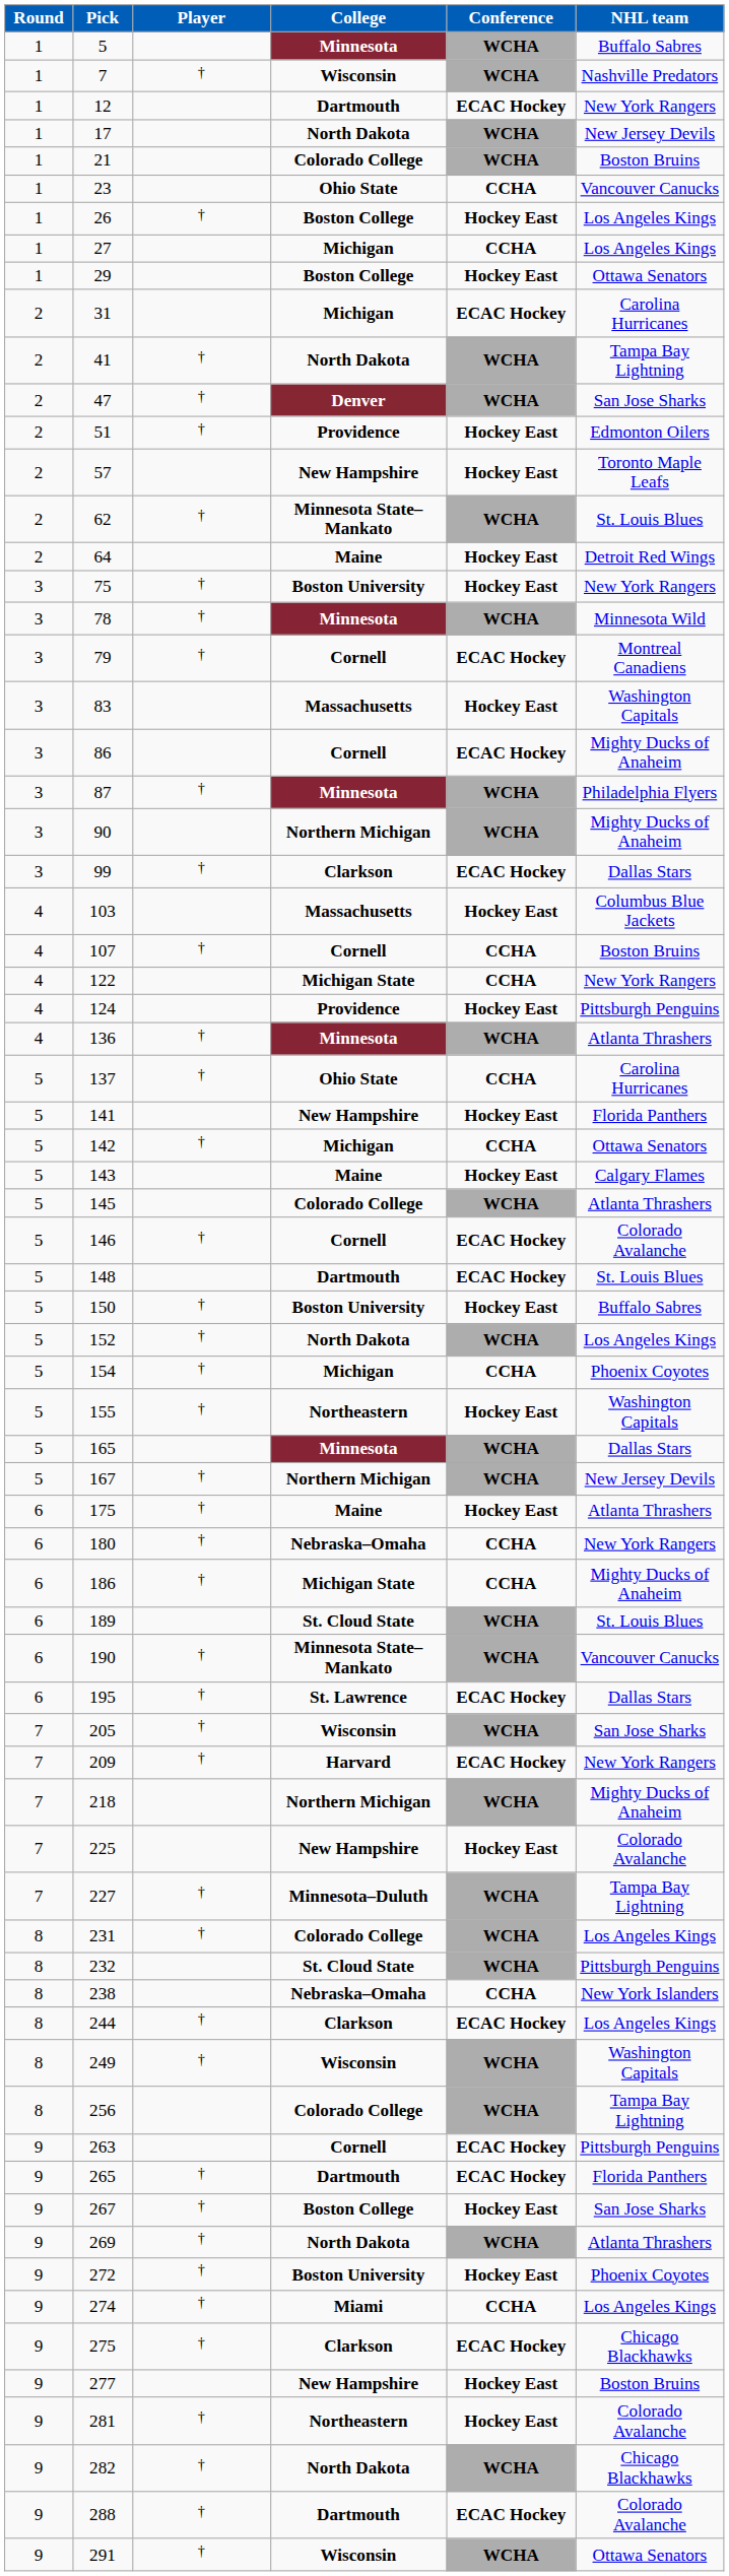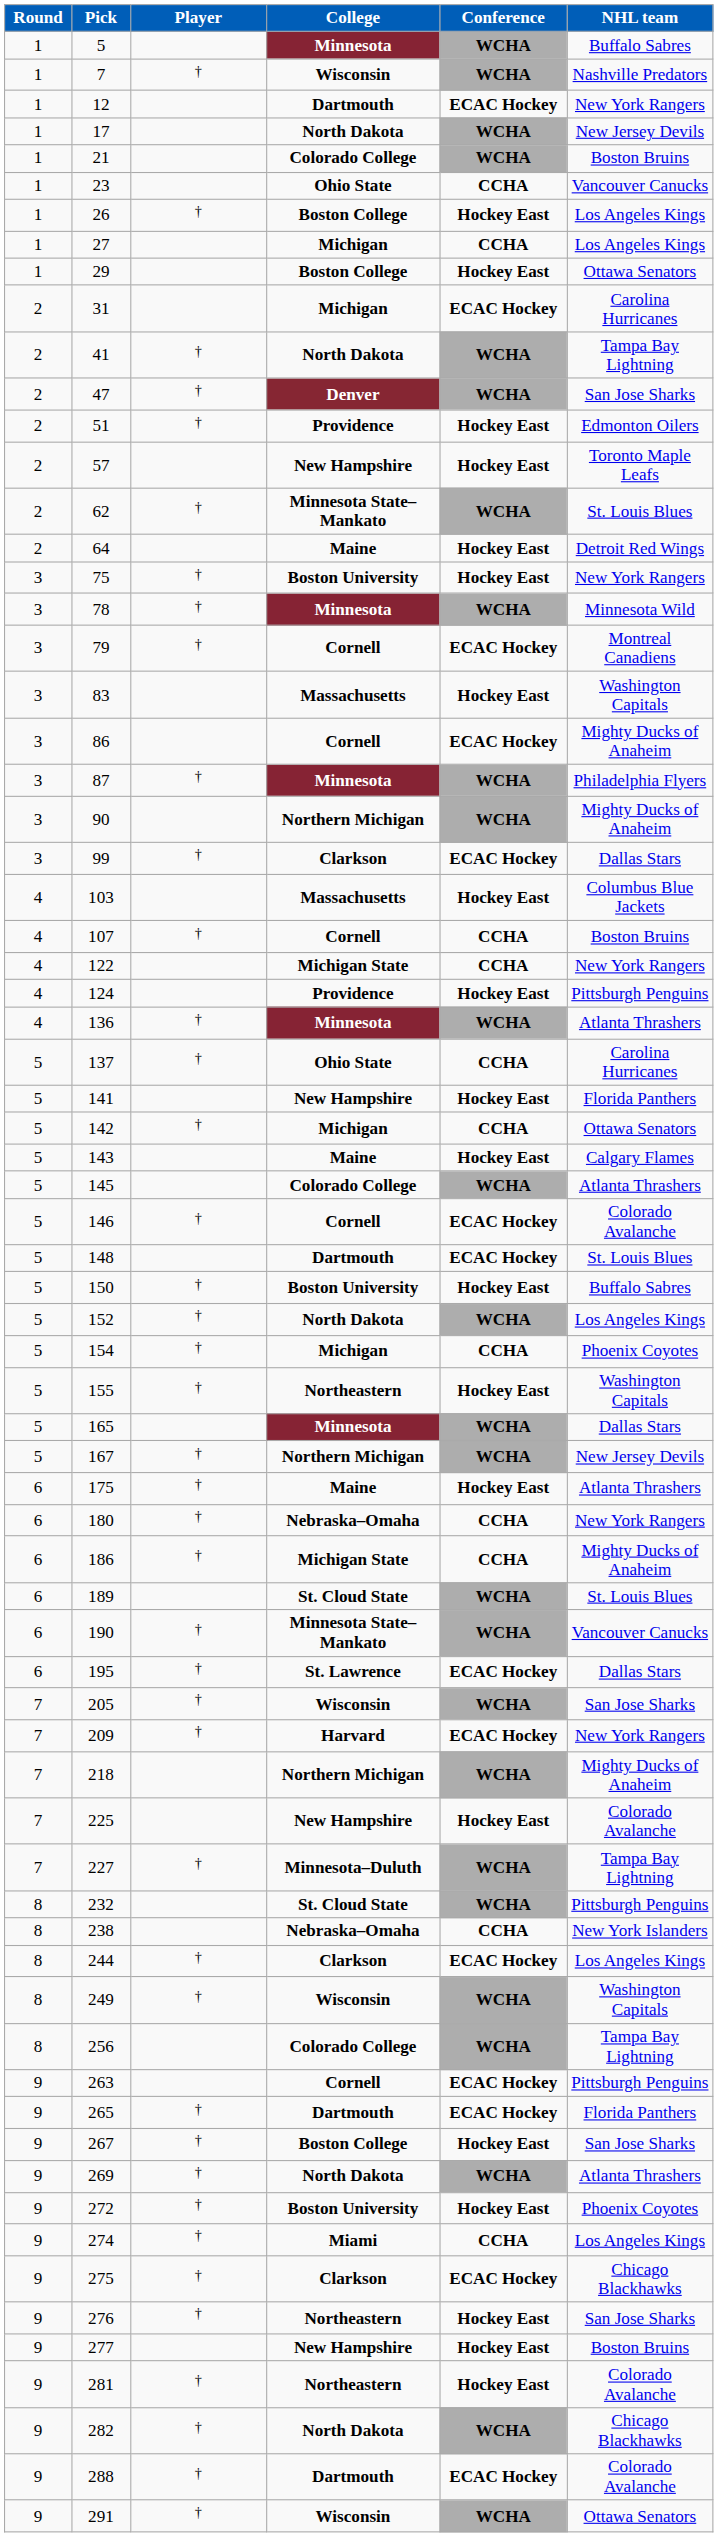 <table class="wikitable sortable" width="75%">
 <tr>
 <th style="color:white; background-color:#005EB8; width: 4em;">Round</th>
 <th style="color:white; background-color:#005EB8; width: 4em;">Pick</th>
 <th style="color:white; background-color:#005EB8; width: 12em;">Player</th>
 <th style="color:white; background-color:#005EB8; width: 13em;">College</th>
 <th style="color:white; background-color:#005EB8; width: 9em;">Conference</th>
 <th style="color:white; background-color:#005EB8; width: 11em;">NHL team</th>
 </tr>
 <tr align="center" bgcolor="">
 <td>1</td>
 <td>5</td>
 <td></td>
 <td style="color:white; background:#862334; "><strong>Minnesota</strong></td>
 <td style="color:black; background:#ADADAD; "><strong>WCHA</strong></td>
 <td><a href='#'>Buffalo Sabres</a></td>
 </tr>
 <tr align="center" bgcolor="">
 <td>1</td>
 <td>7</td>
 <td> <sup>†</sup></td>
 <td><strong>Wisconsin</strong></td>
 <td style="color:black; background:#ADADAD; "><strong>WCHA</strong></td>
 <td><a href='#'>Nashville Predators</a></td>
 </tr>
 <tr align="center" bgcolor="">
 <td>1</td>
 <td>12</td>
 <td></td>
 <td><strong>Dartmouth</strong></td>
 <td><strong>ECAC Hockey</strong></td>
 <td><a href='#'>New York Rangers</a></td>
 </tr>
 <tr align="center" bgcolor="">
 <td>1</td>
 <td>17</td>
 <td></td>
 <td><strong>North Dakota</strong></td>
 <td style="color:black; background:#ADADAD; "><strong>WCHA</strong></td>
 <td><a href='#'>New Jersey Devils</a></td>
 </tr>
 <tr align="center" bgcolor="">
 <td>1</td>
 <td>21</td>
 <td></td>
 <td><strong>Colorado College</strong></td>
 <td style="color:black; background:#ADADAD; "><strong>WCHA</strong></td>
 <td><a href='#'>Boston Bruins</a></td>
 </tr>
 <tr align="center" bgcolor="">
 <td>1</td>
 <td>23</td>
 <td></td>
 <td><strong>Ohio State</strong></td>
 <td><strong>CCHA</strong></td>
 <td><a href='#'>Vancouver Canucks</a></td>
 </tr>
 <tr align="center" bgcolor="">
 <td>1</td>
 <td>26</td>
 <td> <sup>†</sup></td>
 <td><strong>Boston College</strong></td>
 <td><strong>Hockey East</strong></td>
 <td><a href='#'>Los Angeles Kings</a></td>
 </tr>
 <tr align="center" bgcolor="">
 <td>1</td>
 <td>27</td>
 <td></td>
 <td><strong>Michigan</strong></td>
 <td><strong>CCHA</strong></td>
 <td><a href='#'>Los Angeles Kings</a></td>
 </tr>
 <tr align="center" bgcolor="">
 <td>1</td>
 <td>29</td>
 <td></td>
 <td><strong>Boston College</strong></td>
 <td><strong>Hockey East</strong></td>
 <td><a href='#'>Ottawa Senators</a></td>
 </tr>
 <tr align="center" bgcolor="">
 <td>2</td>
 <td>31</td>
 <td></td>
 <td><strong>Michigan</strong></td>
 <td><strong>ECAC Hockey</strong></td>
 <td><a href='#'>Carolina Hurricanes</a></td>
 </tr>
 <tr align="center" bgcolor="">
 <td>2</td>
 <td>41</td>
 <td> <sup>†</sup></td>
 <td><strong>North Dakota</strong></td>
 <td style="color:black; background:#ADADAD; "><strong>WCHA</strong></td>
 <td><a href='#'>Tampa Bay Lightning</a></td>
 </tr>
 <tr align="center" bgcolor="">
 <td>2</td>
 <td>47</td>
 <td> <sup>†</sup></td>
 <td style="color:white; background:#862633; "><strong>Denver</strong></td>
 <td style="color:black; background:#ADADAD; "><strong>WCHA</strong></td>
 <td><a href='#'>San Jose Sharks</a></td>
 </tr>
 <tr align="center" bgcolor="">
 <td>2</td>
 <td>51</td>
 <td> <sup>†</sup></td>
 <td><strong>Providence</strong></td>
 <td><strong>Hockey East</strong></td>
 <td><a href='#'>Edmonton Oilers</a></td>
 </tr>
 <tr align="center" bgcolor="">
 <td>2</td>
 <td>57</td>
 <td></td>
 <td><strong>New Hampshire</strong></td>
 <td><strong>Hockey East</strong></td>
 <td><a href='#'>Toronto Maple Leafs</a></td>
 </tr>
 <tr align="center" bgcolor="">
 <td>2</td>
 <td>62</td>
 <td> <sup>†</sup></td>
 <td><strong>Minnesota State–Mankato</strong></td>
 <td style="color:black; background:#ADADAD; "><strong>WCHA</strong></td>
 <td><a href='#'>St. Louis Blues</a></td>
 </tr>
 <tr align="center" bgcolor="">
 <td>2</td>
 <td>64</td>
 <td></td>
 <td><strong>Maine</strong></td>
 <td><strong>Hockey East</strong></td>
 <td><a href='#'>Detroit Red Wings</a></td>
 </tr>
 <tr align="center" bgcolor="">
 <td>3</td>
 <td>75</td>
 <td> <sup>†</sup></td>
 <td><strong>Boston University</strong></td>
 <td><strong>Hockey East</strong></td>
 <td><a href='#'>New York Rangers</a></td>
 </tr>
 <tr align="center" bgcolor="">
 <td>3</td>
 <td>78</td>
 <td> <sup>†</sup></td>
 <td style="color:white; background:#862334; "><strong>Minnesota</strong></td>
 <td style="color:black; background:#ADADAD; "><strong>WCHA</strong></td>
 <td><a href='#'>Minnesota Wild</a></td>
 </tr>
 <tr align="center" bgcolor="">
 <td>3</td>
 <td>79</td>
 <td> <sup>†</sup></td>
 <td><strong>Cornell</strong></td>
 <td><strong>ECAC Hockey</strong></td>
 <td><a href='#'>Montreal Canadiens</a></td>
 </tr>
 <tr align="center" bgcolor="">
 <td>3</td>
 <td>83</td>
 <td></td>
 <td><strong>Massachusetts</strong></td>
 <td><strong>Hockey East</strong></td>
 <td><a href='#'>Washington Capitals</a></td>
 </tr>
 <tr align="center" bgcolor="">
 <td>3</td>
 <td>86</td>
 <td></td>
 <td><strong>Cornell</strong></td>
 <td><strong>ECAC Hockey</strong></td>
 <td><a href='#'>Mighty Ducks of Anaheim</a></td>
 </tr>
 <tr align="center" bgcolor="">
 <td>3</td>
 <td>87</td>
 <td> <sup>†</sup></td>
 <td style="color:white; background:#862334; "><strong>Minnesota</strong></td>
 <td style="color:black; background:#ADADAD; "><strong>WCHA</strong></td>
 <td><a href='#'>Philadelphia Flyers</a></td>
 </tr>
 <tr align="center" bgcolor="">
 <td>3</td>
 <td>90</td>
 <td></td>
 <td><strong>Northern Michigan</strong></td>
 <td style="color:black; background:#ADADAD; "><strong>WCHA</strong></td>
 <td><a href='#'>Mighty Ducks of Anaheim</a></td>
 </tr>
 <tr align="center" bgcolor="">
 <td>3</td>
 <td>99</td>
 <td> <sup>†</sup></td>
 <td><strong>Clarkson</strong></td>
 <td><strong>ECAC Hockey</strong></td>
 <td><a href='#'>Dallas Stars</a></td>
 </tr>
 <tr align="center" bgcolor="">
 <td>4</td>
 <td>103</td>
 <td></td>
 <td><strong>Massachusetts</strong></td>
 <td><strong>Hockey East</strong></td>
 <td><a href='#'>Columbus Blue Jackets</a></td>
 </tr>
 <tr align="center" bgcolor="">
 <td>4</td>
 <td>107</td>
 <td> <sup>†</sup></td>
 <td><strong>Cornell</strong></td>
 <td><strong>CCHA</strong></td>
 <td><a href='#'>Boston Bruins</a></td>
 </tr>
 <tr align="center" bgcolor="">
 <td>4</td>
 <td>122</td>
 <td></td>
 <td><strong>Michigan State</strong></td>
 <td><strong>CCHA</strong></td>
 <td><a href='#'>New York Rangers</a></td>
 </tr>
 <tr align="center" bgcolor="">
 <td>4</td>
 <td>124</td>
 <td></td>
 <td><strong>Providence</strong></td>
 <td><strong>Hockey East</strong></td>
 <td><a href='#'>Pittsburgh Penguins</a></td>
 </tr>
 <tr align="center" bgcolor="">
 <td>4</td>
 <td>136</td>
 <td> <sup>†</sup></td>
 <td style="color:white; background:#862334; "><strong>Minnesota</strong></td>
 <td style="color:black; background:#ADADAD; "><strong>WCHA</strong></td>
 <td><a href='#'>Atlanta Thrashers</a></td>
 </tr>
 <tr align="center" bgcolor="">
 <td>5</td>
 <td>137</td>
 <td> <sup>†</sup></td>
 <td><strong>Ohio State</strong></td>
 <td><strong>CCHA</strong></td>
 <td><a href='#'>Carolina Hurricanes</a></td>
 </tr>
 <tr align="center" bgcolor="">
 <td>5</td>
 <td>141</td>
 <td></td>
 <td><strong>New Hampshire</strong></td>
 <td><strong>Hockey East</strong></td>
 <td><a href='#'>Florida Panthers</a></td>
 </tr>
 <tr align="center" bgcolor="">
 <td>5</td>
 <td>142</td>
 <td> <sup>†</sup></td>
 <td><strong>Michigan</strong></td>
 <td><strong>CCHA</strong></td>
 <td><a href='#'>Ottawa Senators</a></td>
 </tr>
 <tr align="center" bgcolor="">
 <td>5</td>
 <td>143</td>
 <td></td>
 <td><strong>Maine</strong></td>
 <td><strong>Hockey East</strong></td>
 <td><a href='#'>Calgary Flames</a></td>
 </tr>
 <tr align="center" bgcolor="">
 <td>5</td>
 <td>145</td>
 <td></td>
 <td><strong>Colorado College</strong></td>
 <td style="color:black; background:#ADADAD; "><strong>WCHA</strong></td>
 <td><a href='#'>Atlanta Thrashers</a></td>
 </tr>
 <tr align="center" bgcolor="">
 <td>5</td>
 <td>146</td>
 <td> <sup>†</sup></td>
 <td><strong>Cornell</strong></td>
 <td><strong>ECAC Hockey</strong></td>
 <td><a href='#'>Colorado Avalanche</a></td>
 </tr>
 <tr align="center" bgcolor="">
 <td>5</td>
 <td>148</td>
 <td></td>
 <td><strong>Dartmouth</strong></td>
 <td><strong>ECAC Hockey</strong></td>
 <td><a href='#'>St. Louis Blues</a></td>
 </tr>
 <tr align="center" bgcolor="">
 <td>5</td>
 <td>150</td>
 <td> <sup>†</sup></td>
 <td><strong>Boston University</strong></td>
 <td><strong>Hockey East</strong></td>
 <td><a href='#'>Buffalo Sabres</a></td>
 </tr>
 <tr align="center" bgcolor="">
 <td>5</td>
 <td>152</td>
 <td> <sup>†</sup></td>
 <td><strong>North Dakota</strong></td>
 <td style="color:black; background:#ADADAD; "><strong>WCHA</strong></td>
 <td><a href='#'>Los Angeles Kings</a></td>
 </tr>
 <tr align="center" bgcolor="">
 <td>5</td>
 <td>154</td>
 <td> <sup>†</sup></td>
 <td><strong>Michigan</strong></td>
 <td><strong>CCHA</strong></td>
 <td><a href='#'>Phoenix Coyotes</a></td>
 </tr>
 <tr align="center" bgcolor="">
 <td>5</td>
 <td>155</td>
 <td> <sup>†</sup></td>
 <td><strong>Northeastern</strong></td>
 <td><strong>Hockey East</strong></td>
 <td><a href='#'>Washington Capitals</a></td>
 </tr>
 <tr align="center" bgcolor="">
 <td>5</td>
 <td>165</td>
 <td></td>
 <td style="color:white; background:#862334; "><strong>Minnesota</strong></td>
 <td style="color:black; background:#ADADAD; "><strong>WCHA</strong></td>
 <td><a href='#'>Dallas Stars</a></td>
 </tr>
 <tr align="center" bgcolor="">
 <td>5</td>
 <td>167</td>
 <td> <sup>†</sup></td>
 <td><strong>Northern Michigan</strong></td>
 <td style="color:black; background:#ADADAD; "><strong>WCHA</strong></td>
 <td><a href='#'>New Jersey Devils</a></td>
 </tr>
 <tr align="center" bgcolor="">
 <td>6</td>
 <td>175</td>
 <td> <sup>†</sup></td>
 <td><strong>Maine</strong></td>
 <td><strong>Hockey East</strong></td>
 <td><a href='#'>Atlanta Thrashers</a></td>
 </tr>
 <tr align="center" bgcolor="">
 <td>6</td>
 <td>180</td>
 <td> <sup>†</sup></td>
 <td><strong>Nebraska–Omaha</strong></td>
 <td><strong>CCHA</strong></td>
 <td><a href='#'>New York Rangers</a></td>
 </tr>
 <tr align="center" bgcolor="">
 <td>6</td>
 <td>186</td>
 <td> <sup>†</sup></td>
 <td><strong>Michigan State</strong></td>
 <td><strong>CCHA</strong></td>
 <td><a href='#'>Mighty Ducks of Anaheim</a></td>
 </tr>
 <tr align="center" bgcolor="">
 <td>6</td>
 <td>189</td>
 <td></td>
 <td><strong>St. Cloud State</strong></td>
 <td style="color:black; background:#ADADAD; "><strong>WCHA</strong></td>
 <td><a href='#'>St. Louis Blues</a></td>
 </tr>
 <tr align="center" bgcolor="">
 <td>6</td>
 <td>190</td>
 <td> <sup>†</sup></td>
 <td><strong>Minnesota State–Mankato</strong></td>
 <td style="color:black; background:#ADADAD; "><strong>WCHA</strong></td>
 <td><a href='#'>Vancouver Canucks</a></td>
 </tr>
 <tr align="center" bgcolor="">
 <td>6</td>
 <td>195</td>
 <td> <sup>†</sup></td>
 <td><strong>St. Lawrence</strong></td>
 <td><strong>ECAC Hockey</strong></td>
 <td><a href='#'>Dallas Stars</a></td>
 </tr>
 <tr align="center" bgcolor="">
 <td>7</td>
 <td>205</td>
 <td> <sup>†</sup></td>
 <td><strong>Wisconsin</strong></td>
 <td style="color:black; background:#ADADAD; "><strong>WCHA</strong></td>
 <td><a href='#'>San Jose Sharks</a></td>
 </tr>
 <tr align="center" bgcolor="">
 <td>7</td>
 <td>209</td>
 <td> <sup>†</sup></td>
 <td><strong>Harvard</strong></td>
 <td><strong>ECAC Hockey</strong></td>
 <td><a href='#'>New York Rangers</a></td>
 </tr>
 <tr align="center" bgcolor="">
 <td>7</td>
 <td>218</td>
 <td></td>
 <td><strong>Northern Michigan</strong></td>
 <td style="color:black; background:#ADADAD; "><strong>WCHA</strong></td>
 <td><a href='#'>Mighty Ducks of Anaheim</a></td>
 </tr>
 <tr align="center" bgcolor="">
 <td>7</td>
 <td>225</td>
 <td></td>
 <td><strong>New Hampshire</strong></td>
 <td><strong>Hockey East</strong></td>
 <td><a href='#'>Colorado Avalanche</a></td>
 </tr>
 <tr align="center" bgcolor="">
 <td>7</td>
 <td>227</td>
 <td> <sup>†</sup></td>
 <td><strong>Minnesota–Duluth</strong></td>
 <td style="color:black; background:#ADADAD; "><strong>WCHA</strong></td>
 <td><a href='#'>Tampa Bay Lightning</a></td>
 </tr>
 <tr align="center" bgcolor="">
 <td>8</td>
-<td>231</td>
-<td> <sup>†</sup></td>
-<td><strong>Colorado College</strong></td>
-<td style="color:black; background:#ADADAD; "><strong>WCHA</strong></td>
-<td><a href='#'>Los Angeles Kings</a></td>
-</tr>
-<tr align="center" bgcolor="">
-<td>8</td>
 <td>232</td>
 <td></td>
 <td><strong>St. Cloud State</strong></td>
 <td style="color:black; background:#ADADAD; "><strong>WCHA</strong></td>
 <td><a href='#'>Pittsburgh Penguins</a></td>
 </tr>
 <tr align="center" bgcolor="">
 <td>8</td>
 <td>238</td>
 <td></td>
 <td><strong>Nebraska–Omaha</strong></td>
 <td><strong>CCHA</strong></td>
 <td><a href='#'>New York Islanders</a></td>
 </tr>
 <tr align="center" bgcolor="">
 <td>8</td>
 <td>244</td>
 <td> <sup>†</sup></td>
 <td><strong>Clarkson</strong></td>
 <td><strong>ECAC Hockey</strong></td>
 <td><a href='#'>Los Angeles Kings</a></td>
 </tr>
 <tr align="center" bgcolor="">
 <td>8</td>
 <td>249</td>
 <td> <sup>†</sup></td>
 <td><strong>Wisconsin</strong></td>
 <td style="color:black; background:#ADADAD; "><strong>WCHA</strong></td>
 <td><a href='#'>Washington Capitals</a></td>
 </tr>
 <tr align="center" bgcolor="">
 <td>8</td>
 <td>256</td>
 <td></td>
 <td><strong>Colorado College</strong></td>
 <td style="color:black; background:#ADADAD; "><strong>WCHA</strong></td>
 <td><a href='#'>Tampa Bay Lightning</a></td>
 </tr>
 <tr align="center" bgcolor="">
 <td>9</td>
 <td>263</td>
 <td></td>
 <td><strong>Cornell</strong></td>
 <td><strong>ECAC Hockey</strong></td>
 <td><a href='#'>Pittsburgh Penguins</a></td>
 </tr>
 <tr align="center" bgcolor="">
 <td>9</td>
 <td>265</td>
 <td> <sup>†</sup></td>
 <td><strong>Dartmouth</strong></td>
 <td><strong>ECAC Hockey</strong></td>
 <td><a href='#'>Florida Panthers</a></td>
 </tr>
 <tr align="center" bgcolor="">
 <td>9</td>
 <td>267</td>
 <td> <sup>†</sup></td>
 <td><strong>Boston College</strong></td>
 <td><strong>Hockey East</strong></td>
 <td><a href='#'>San Jose Sharks</a></td>
 </tr>
 <tr align="center" bgcolor="">
 <td>9</td>
 <td>269</td>
 <td> <sup>†</sup></td>
 <td><strong>North Dakota</strong></td>
 <td style="color:black; background:#ADADAD; "><strong>WCHA</strong></td>
 <td><a href='#'>Atlanta Thrashers</a></td>
 </tr>
 <tr align="center" bgcolor="">
 <td>9</td>
 <td>272</td>
 <td> <sup>†</sup></td>
 <td><strong>Boston University</strong></td>
 <td><strong>Hockey East</strong></td>
 <td><a href='#'>Phoenix Coyotes</a></td>
 </tr>
 <tr align="center" bgcolor="">
 <td>9</td>
 <td>274</td>
 <td> <sup>†</sup></td>
 <td><strong>Miami</strong></td>
 <td><strong>CCHA</strong></td>
 <td><a href='#'>Los Angeles Kings</a></td>
 </tr>
 <tr align="center" bgcolor="">
 <td>9</td>
 <td>275</td>
 <td> <sup>†</sup></td>
 <td><strong>Clarkson</strong></td>
 <td><strong>ECAC Hockey</strong></td>
 <td><a href='#'>Chicago Blackhawks</a></td>
 </tr>
 <tr align="center" bgcolor="">
 <td>9</td>
+<td>276</td>
+<td> <sup>†</sup></td>
+<td><strong>Northeastern</strong></td>
+<td><strong>Hockey East</strong></td>
+<td><a href='#'>San Jose Sharks</a></td>
+</tr>
+<tr align="center" bgcolor="">
+<td>9</td>
 <td>277</td>
 <td></td>
 <td><strong>New Hampshire</strong></td>
 <td><strong>Hockey East</strong></td>
 <td><a href='#'>Boston Bruins</a></td>
 </tr>
 <tr align="center" bgcolor="">
 <td>9</td>
 <td>281</td>
 <td> <sup>†</sup></td>
 <td><strong>Northeastern</strong></td>
 <td><strong>Hockey East</strong></td>
 <td><a href='#'>Colorado Avalanche</a></td>
 </tr>
 <tr align="center" bgcolor="">
 <td>9</td>
 <td>282</td>
 <td> <sup>†</sup></td>
 <td><strong>North Dakota</strong></td>
 <td style="color:black; background:#ADADAD; "><strong>WCHA</strong></td>
 <td><a href='#'>Chicago Blackhawks</a></td>
 </tr>
 <tr align="center" bgcolor="">
 <td>9</td>
 <td>288</td>
 <td> <sup>†</sup></td>
 <td><strong>Dartmouth</strong></td>
 <td><strong>ECAC Hockey</strong></td>
 <td><a href='#'>Colorado Avalanche</a></td>
 </tr>
 <tr align="center" bgcolor="">
 <td>9</td>
 <td>291</td>
 <td> <sup>†</sup></td>
 <td><strong>Wisconsin</strong></td>
 <td style="color:black; background:#ADADAD; "><strong>WCHA</strong></td>
 <td><a href='#'>Ottawa Senators</a></td>
 </tr>
 </table>
